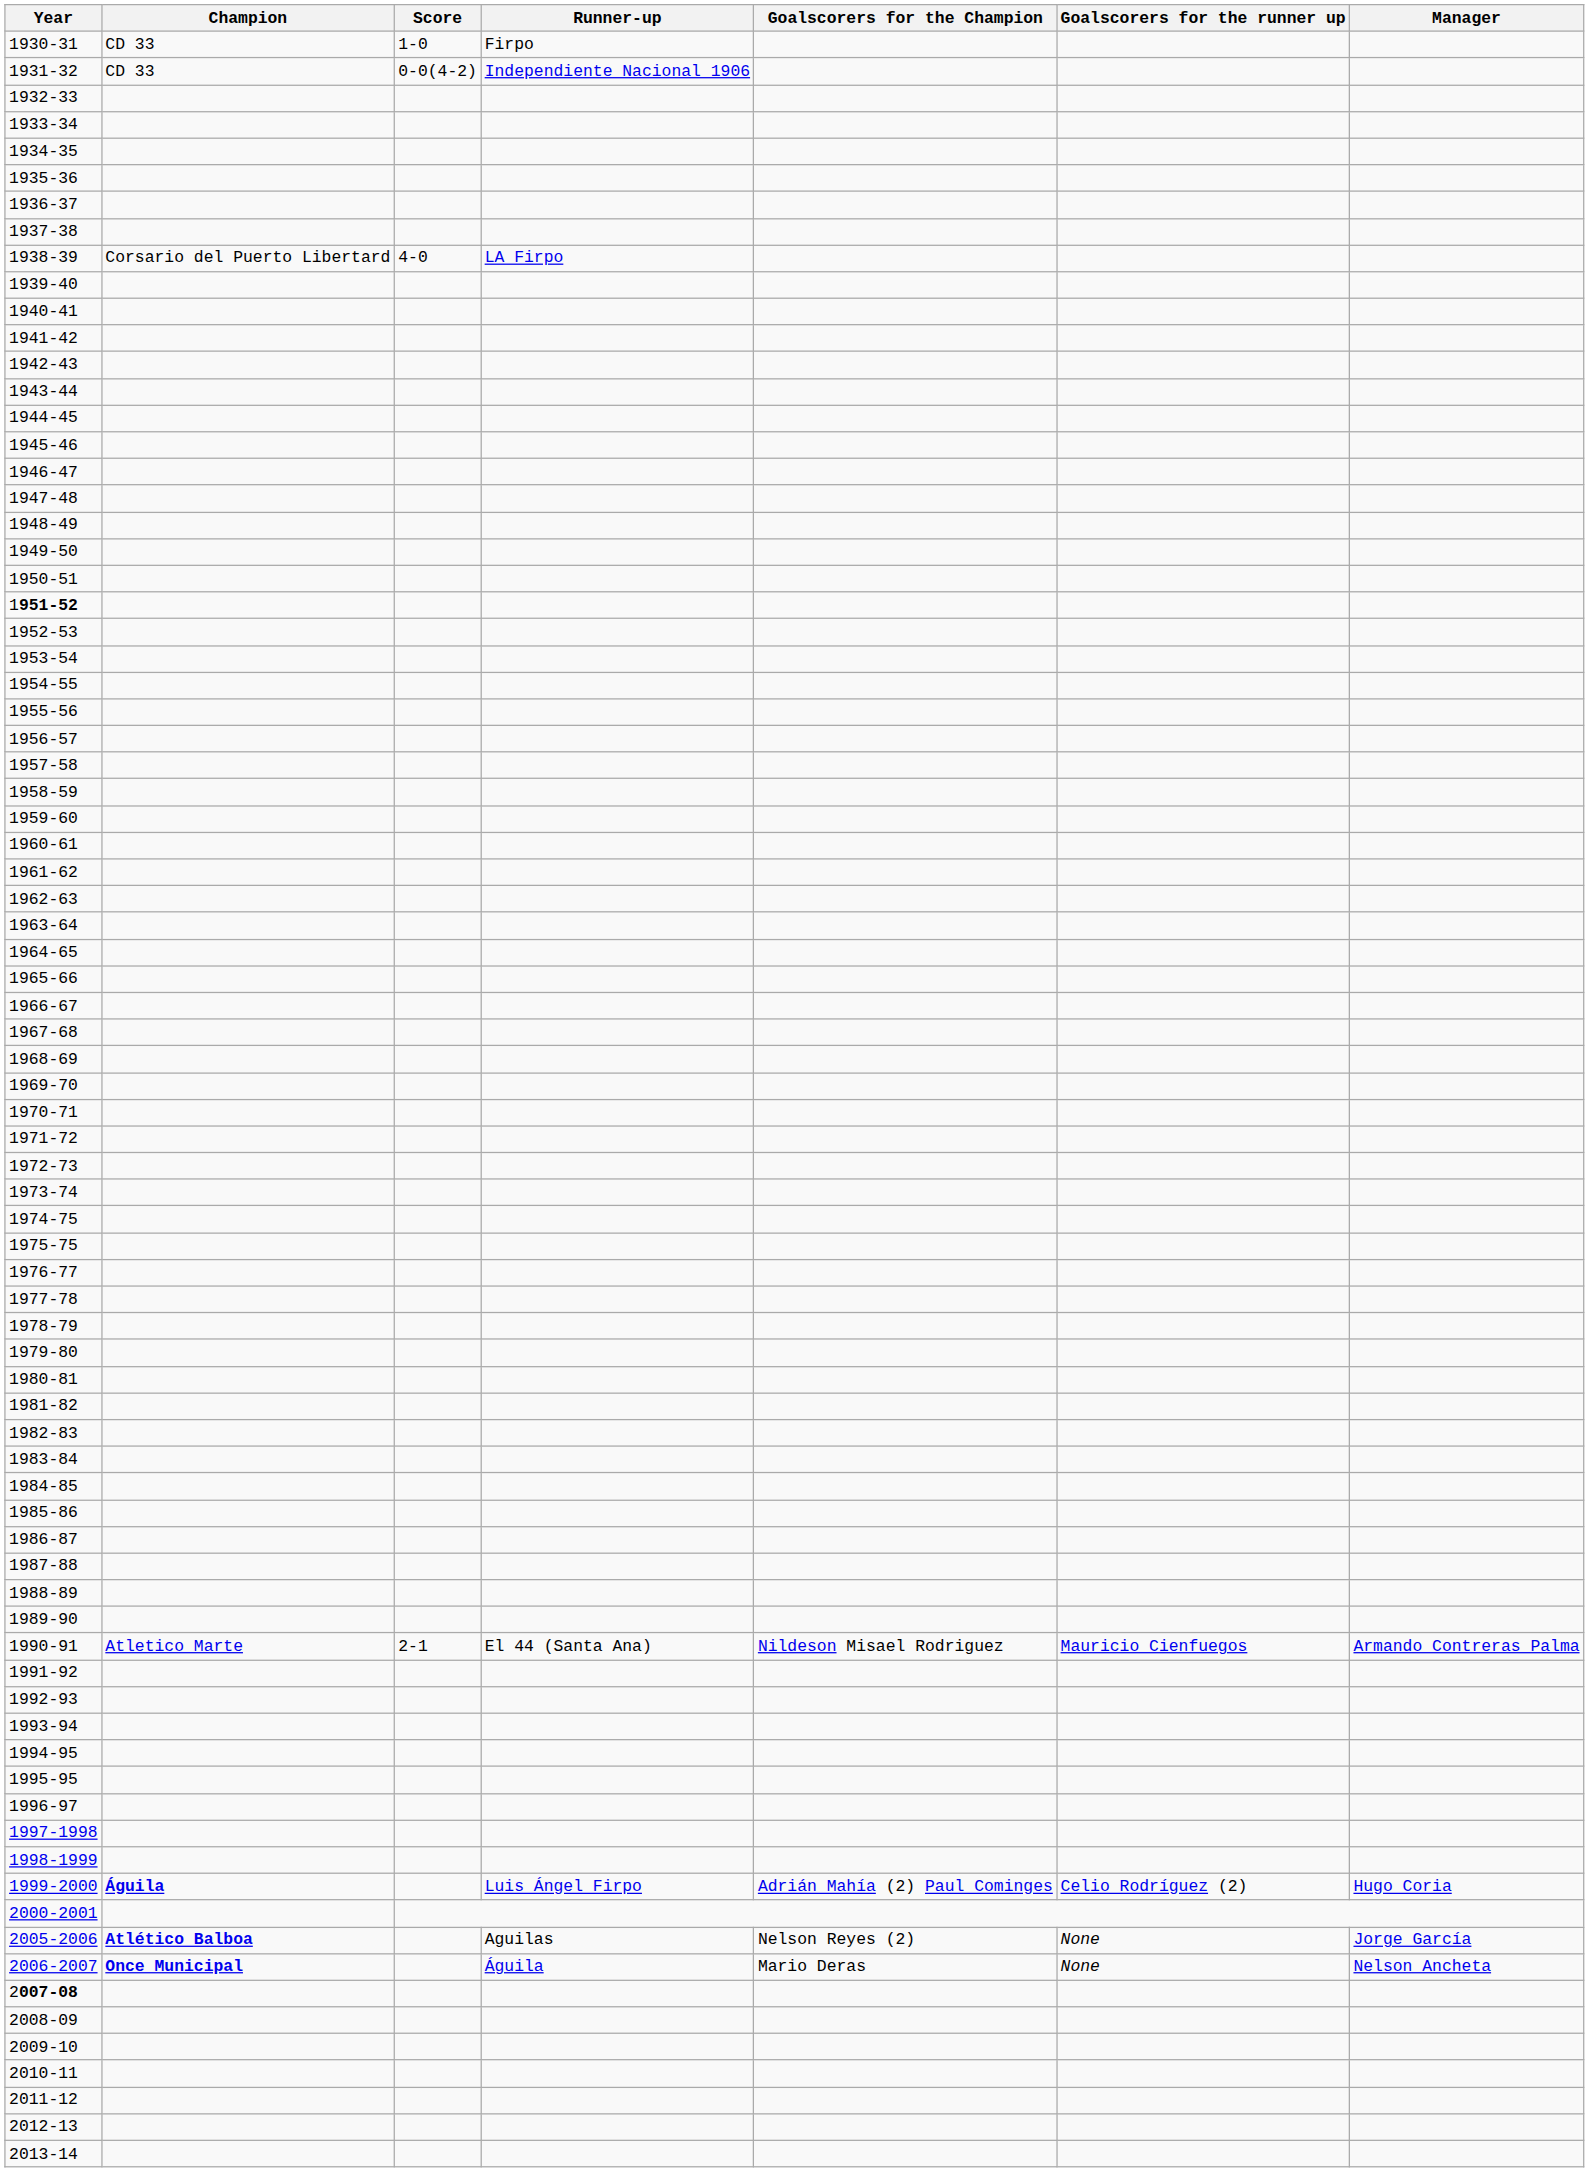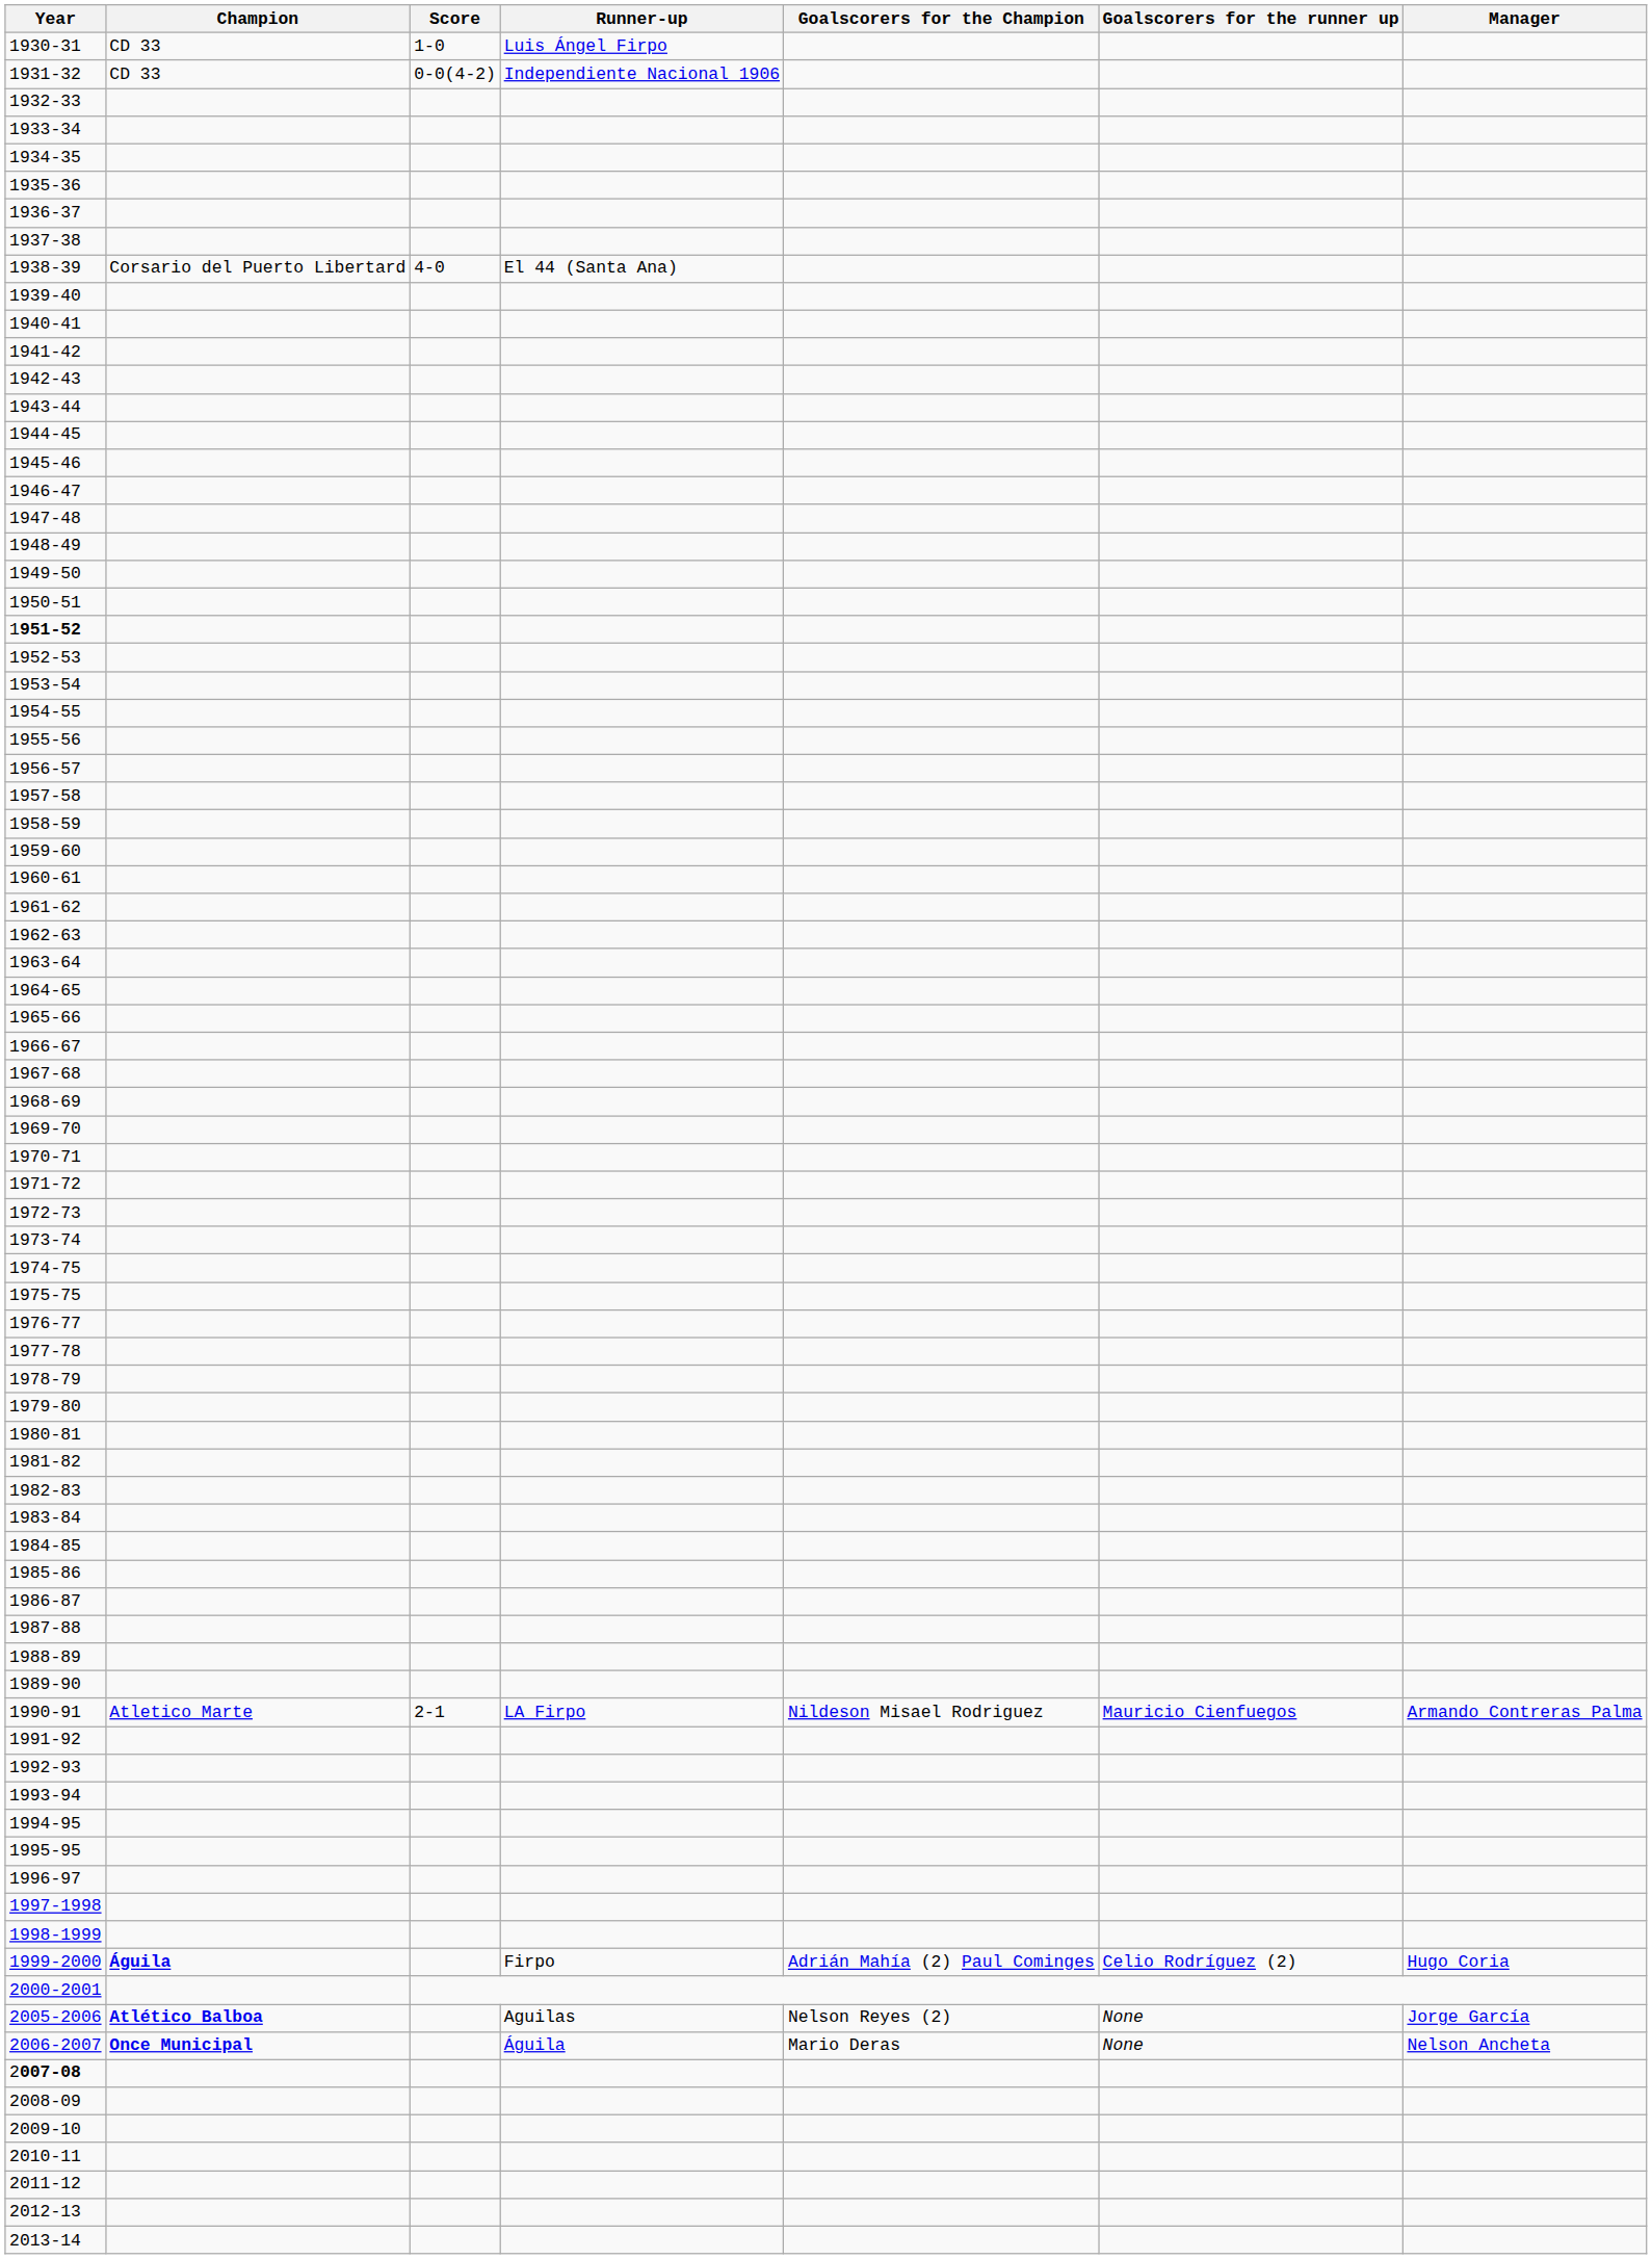 <table class="wikitable sortable mw-collapsible mw-collapsed" style="margin:1em auto;">
 <tr>
 <th>Year</th>
 <th>Champion</th>
 <th>Score</th>
 <th>Runner-up</th>
 <th>Goalscorers for the Champion</th>
 <th>Goalscorers for the runner up</th>
 <th>Manager</th>
 </tr>
 <tr>
 <td>1930-31</td>
 <td>CD 33</td>
 <td>1-0</td>
-<td>Firpo</td>
+<td><a href='#'>Luis Ángel Firpo</a></td>
 <td></td>
 <td></td>
 <td></td>
 </tr>
 <tr>
 <td>1931-32</td>
 <td>CD 33</td>
 <td>0-0(4-2)</td>
 <td><a href='#'>Independiente Nacional 1906</a></td>
 <td></td>
 <td></td>
 <td></td>
 </tr>
 <tr>
 <td>1932-33</td>
 <td></td>
 <td></td>
 <td></td>
 <td></td>
 <td></td>
 <td></td>
 </tr>
 <tr>
 <td>1933-34</td>
 <td></td>
 <td></td>
 <td></td>
 <td></td>
 <td></td>
 <td></td>
 </tr>
 <tr>
 <td>1934-35</td>
 <td></td>
 <td></td>
 <td></td>
 <td></td>
 <td></td>
 <td></td>
 </tr>
 <tr>
 <td>1935-36</td>
 <td></td>
 <td></td>
 <td></td>
 <td></td>
 <td></td>
 <td></td>
 </tr>
 <tr>
 <td>1936-37</td>
 <td></td>
 <td></td>
 <td></td>
 <td></td>
 <td></td>
 <td></td>
 </tr>
 <tr>
 <td>1937-38</td>
 <td></td>
 <td></td>
 <td></td>
 <td></td>
 <td></td>
 <td></td>
 </tr>
 <tr>
 <td>1938-39</td>
 <td>Corsario del Puerto Libertard</td>
 <td>4-0</td>
-<td><a href='#'>LA Firpo</a></td>
+<td>El 44 (Santa Ana)</td>
 <td></td>
 <td></td>
 <td></td>
 </tr>
 <tr>
 <td>1939-40</td>
 <td></td>
 <td></td>
 <td></td>
 <td></td>
 <td></td>
 <td></td>
 </tr>
 <tr>
 <td>1940-41</td>
 <td></td>
 <td></td>
 <td></td>
 <td></td>
 <td></td>
 <td></td>
 </tr>
 <tr>
 <td>1941-42</td>
 <td></td>
 <td></td>
 <td></td>
 <td></td>
 <td></td>
 <td></td>
 </tr>
 <tr>
 <td>1942-43</td>
 <td></td>
 <td></td>
 <td></td>
 <td></td>
 <td></td>
 <td></td>
 </tr>
 <tr>
 <td>1943-44</td>
 <td></td>
 <td></td>
 <td></td>
 <td></td>
 <td></td>
 <td></td>
 </tr>
 <tr>
 <td>1944-45</td>
 <td></td>
 <td></td>
 <td></td>
 <td></td>
 <td></td>
 <td></td>
 </tr>
 <tr>
 <td>1945-46</td>
 <td></td>
 <td></td>
 <td></td>
 <td></td>
 <td></td>
 <td></td>
 </tr>
 <tr>
 <td>1946-47</td>
 <td></td>
 <td></td>
 <td></td>
 <td></td>
 <td></td>
 <td></td>
 </tr>
 <tr>
 <td>1947-48</td>
 <td></td>
 <td></td>
 <td></td>
 <td></td>
 <td></td>
 <td></td>
 </tr>
 <tr>
 <td>1948-49</td>
 <td></td>
 <td></td>
 <td></td>
 <td></td>
 <td></td>
 <td></td>
 </tr>
 <tr>
 <td>1949-50</td>
 <td></td>
 <td></td>
 <td></td>
 <td></td>
 <td></td>
 <td></td>
 </tr>
 <tr>
 <td>1950-51</td>
 <td></td>
 <td></td>
 <td></td>
 <td></td>
 <td></td>
 <td></td>
 </tr>
 <tr>
 <td>1<strong>951-52</strong></td>
 <td></td>
 <td></td>
 <td></td>
 <td></td>
 <td></td>
 <td></td>
 </tr>
 <tr>
 <td>1952-53</td>
 <td></td>
 <td></td>
 <td></td>
 <td></td>
 <td></td>
 <td></td>
 </tr>
 <tr>
 <td>1953-54</td>
 <td></td>
 <td></td>
 <td></td>
 <td></td>
 <td></td>
 <td></td>
 </tr>
 <tr>
 <td>1954-55</td>
 <td></td>
 <td></td>
 <td></td>
 <td></td>
 <td></td>
 <td></td>
 </tr>
 <tr>
 <td>1955-56</td>
 <td></td>
 <td></td>
 <td></td>
 <td></td>
 <td></td>
 <td></td>
 </tr>
 <tr>
 <td>1956-57</td>
 <td></td>
 <td></td>
 <td></td>
 <td></td>
 <td></td>
 <td></td>
 </tr>
 <tr>
 <td>1957-58</td>
 <td></td>
 <td></td>
 <td></td>
 <td></td>
 <td></td>
 <td></td>
 </tr>
 <tr>
 <td>1958-59</td>
 <td></td>
 <td></td>
 <td></td>
 <td></td>
 <td></td>
 <td></td>
 </tr>
 <tr>
 <td>1959-60</td>
 <td></td>
 <td></td>
 <td></td>
 <td></td>
 <td></td>
 <td></td>
 </tr>
 <tr>
 <td>1960-61</td>
 <td></td>
 <td></td>
 <td></td>
 <td></td>
 <td></td>
 <td></td>
 </tr>
 <tr>
 <td>1961-62</td>
 <td></td>
 <td></td>
 <td></td>
 <td></td>
 <td></td>
 <td></td>
 </tr>
 <tr>
 <td>1962-63</td>
 <td></td>
 <td></td>
 <td></td>
 <td></td>
 <td></td>
 <td></td>
 </tr>
 <tr>
 <td>1963-64</td>
 <td></td>
 <td></td>
 <td></td>
 <td></td>
 <td></td>
 <td></td>
 </tr>
 <tr>
 <td>1964-65</td>
 <td></td>
 <td></td>
 <td></td>
 <td></td>
 <td></td>
 <td></td>
 </tr>
 <tr>
 <td>1965-66</td>
 <td></td>
 <td></td>
 <td></td>
 <td></td>
 <td></td>
 <td></td>
 </tr>
 <tr>
 <td>1966-67</td>
 <td></td>
 <td></td>
 <td></td>
 <td></td>
 <td></td>
 <td></td>
 </tr>
 <tr>
 <td>1967-68</td>
 <td></td>
 <td></td>
 <td></td>
 <td></td>
 <td></td>
 <td></td>
 </tr>
 <tr>
 <td>1968-69</td>
 <td></td>
 <td></td>
 <td></td>
 <td></td>
 <td></td>
 <td></td>
 </tr>
 <tr>
 <td>1969-70</td>
 <td></td>
 <td></td>
 <td></td>
 <td></td>
 <td></td>
 <td></td>
 </tr>
 <tr>
 <td>1970-71</td>
 <td></td>
 <td></td>
 <td></td>
 <td></td>
 <td></td>
 <td></td>
 </tr>
 <tr>
 <td>1971-72</td>
 <td></td>
 <td></td>
 <td></td>
 <td></td>
 <td></td>
 <td></td>
 </tr>
 <tr>
 <td>1972-73</td>
 <td></td>
 <td></td>
 <td></td>
 <td></td>
 <td></td>
 <td></td>
 </tr>
 <tr>
 <td>1973-74</td>
 <td></td>
 <td></td>
 <td></td>
 <td></td>
 <td></td>
 <td></td>
 </tr>
 <tr>
 <td>1974-75</td>
 <td></td>
 <td></td>
 <td></td>
 <td></td>
 <td></td>
 <td></td>
 </tr>
 <tr>
 <td>1975-75</td>
 <td></td>
 <td></td>
 <td></td>
 <td></td>
 <td></td>
 <td></td>
 </tr>
 <tr ---------------->
 <td>1976-77</td>
 <td></td>
 <td></td>
 <td></td>
 <td></td>
 <td></td>
 <td></td>
 </tr>
 <tr>
 <td>1977-78</td>
 <td></td>
 <td></td>
 <td></td>
 <td></td>
 <td></td>
 <td></td>
 </tr>
 <tr>
 <td>1978-79</td>
 <td></td>
 <td></td>
 <td></td>
 <td></td>
 <td></td>
 <td></td>
 </tr>
 <tr>
 <td>1979-80</td>
 <td></td>
 <td></td>
 <td></td>
 <td></td>
 <td></td>
 <td></td>
 </tr>
 <tr>
 <td>1980-81</td>
 <td></td>
 <td></td>
 <td></td>
 <td></td>
 <td></td>
 <td></td>
 </tr>
 <tr>
 <td>1981-82</td>
 <td></td>
 <td></td>
 <td></td>
 <td></td>
 <td></td>
 <td></td>
 </tr>
 <tr>
 <td>1982-83</td>
 <td></td>
 <td></td>
 <td></td>
 <td></td>
 <td></td>
 <td></td>
 </tr>
 <tr>
 <td>1983-84</td>
 <td></td>
 <td></td>
 <td></td>
 <td></td>
 <td></td>
 <td></td>
 </tr>
 <tr>
 <td>1984-85</td>
 <td></td>
 <td></td>
 <td></td>
 <td></td>
 <td></td>
 <td></td>
 </tr>
 <tr>
 <td>1985-86</td>
 <td></td>
 <td></td>
 <td></td>
 <td></td>
 <td></td>
 <td></td>
 </tr>
 <tr>
 <td>1986-87</td>
 <td></td>
 <td></td>
 <td></td>
 <td></td>
 <td></td>
 <td></td>
 </tr>
 <tr>
 <td>1987-88</td>
 <td></td>
 <td></td>
 <td></td>
 <td></td>
 <td></td>
 <td></td>
 </tr>
 <tr>
 <td>1988-89</td>
 <td></td>
 <td></td>
 <td></td>
 <td></td>
 <td></td>
 <td></td>
 </tr>
 <tr>
 <td>1989-90</td>
 <td></td>
 <td></td>
 <td></td>
 <td></td>
 <td></td>
 <td></td>
 </tr>
 <tr>
 <td>1990-91</td>
 <td><a href='#'>Atletico Marte</a></td>
 <td>2-1</td>
-<td>El 44 (Santa Ana)</td>
+<td><a href='#'>LA Firpo</a></td>
 <td> <a href='#'>Nildeson</a> Misael Rodriguez</td>
 <td> <a href='#'>Mauricio Cienfuegos</a></td>
 <td>  <a href='#'>Armando Contreras Palma</a></td>
 </tr>
 <tr>
 <td>1991-92</td>
 <td></td>
 <td></td>
 <td></td>
 <td></td>
 <td></td>
 <td></td>
 </tr>
 <tr>
 <td>1992-93</td>
 <td></td>
 <td></td>
 <td></td>
 <td></td>
 <td></td>
 <td></td>
 </tr>
 <tr>
 <td>1993-94</td>
 <td></td>
 <td></td>
 <td></td>
 <td></td>
 <td></td>
 <td></td>
 </tr>
 <tr>
 <td>1994-95</td>
 <td></td>
 <td></td>
 <td></td>
 <td></td>
 <td></td>
 <td></td>
 </tr>
 <tr>
 <td>1995-95</td>
 <td></td>
 <td></td>
 <td></td>
 <td></td>
 <td></td>
 <td></td>
 </tr>
 <tr>
 <td>1996-97</td>
 <td></td>
 <td></td>
 <td></td>
 <td></td>
 <td></td>
 <td></td>
 </tr>
 <tr>
 <td><a href='#'>1997-1998</a></td>
 <td></td>
 <td></td>
 <td></td>
 <td></td>
 <td></td>
 <td></td>
 </tr>
 <tr>
 <td><a href='#'>1998-1999</a></td>
 <td></td>
 <td></td>
 <td></td>
 <td></td>
 <td></td>
 <td></td>
 </tr>
 <tr>
 <td><a href='#'>1999-2000</a></td>
 <td><strong><a href='#'>Águila</a></strong></td>
 <td></td>
-<td><a href='#'>Luis Ángel Firpo</a></td>
+<td>Firpo</td>
 <td> <a href='#'>Adrián Mahía</a> (2)  <a href='#'>Paul Cominges</a></td>
 <td> <a href='#'>Celio Rodríguez</a> (2)</td>
 <td> <a href='#'>Hugo Coria</a></td>
 </tr>
 <tr>
 <td><a href='#'>2000-2001</a></td>
 <td></td>
 </tr>
 <tr>
 <td><a href='#'>2005-2006</a></td>
 <td><strong><a href='#'>Atlético Balboa</a></strong></td>
 <td></td>
 <td>Aguilas</td>
 <td> Nelson Reyes (2)</td>
 <td><em>None</em></td>
 <td> <a href='#'>Jorge García</a></td>
 </tr>
 <tr>
 <td><a href='#'>2006-2007</a></td>
 <td><strong><a href='#'>Once Municipal</a></strong></td>
 <td></td>
 <td><a href='#'>Águila</a></td>
 <td> Mario Deras</td>
 <td><em>None</em></td>
 <td> <a href='#'>Nelson Ancheta</a></td>
 </tr>
 <tr>
 <td>2<strong>007-08</strong></td>
 <td></td>
 <td></td>
 <td></td>
 <td></td>
 <td></td>
 <td></td>
 </tr>
 <tr>
 <td>2008-09</td>
 <td></td>
 <td></td>
 <td></td>
 <td></td>
 <td></td>
 <td></td>
 </tr>
 <tr ---------------->
 <td>2009-10</td>
 <td></td>
 <td></td>
 <td></td>
 <td></td>
 <td></td>
 <td></td>
 </tr>
 <tr>
 <td>2010-11</td>
 <td></td>
 <td></td>
 <td></td>
 <td></td>
 <td></td>
 <td></td>
 </tr>
 <tr>
 <td>2011-12</td>
 <td></td>
 <td></td>
 <td></td>
 <td></td>
 <td></td>
 <td></td>
 </tr>
 <tr>
 <td>2012-13</td>
 <td></td>
 <td></td>
 <td></td>
 <td></td>
 <td></td>
 <td></td>
 </tr>
 <tr>
 <td>2013-14</td>
 <td></td>
 <td></td>
 <td></td>
 <td></td>
 <td></td>
 <td></td>
 </tr>
 </table>
